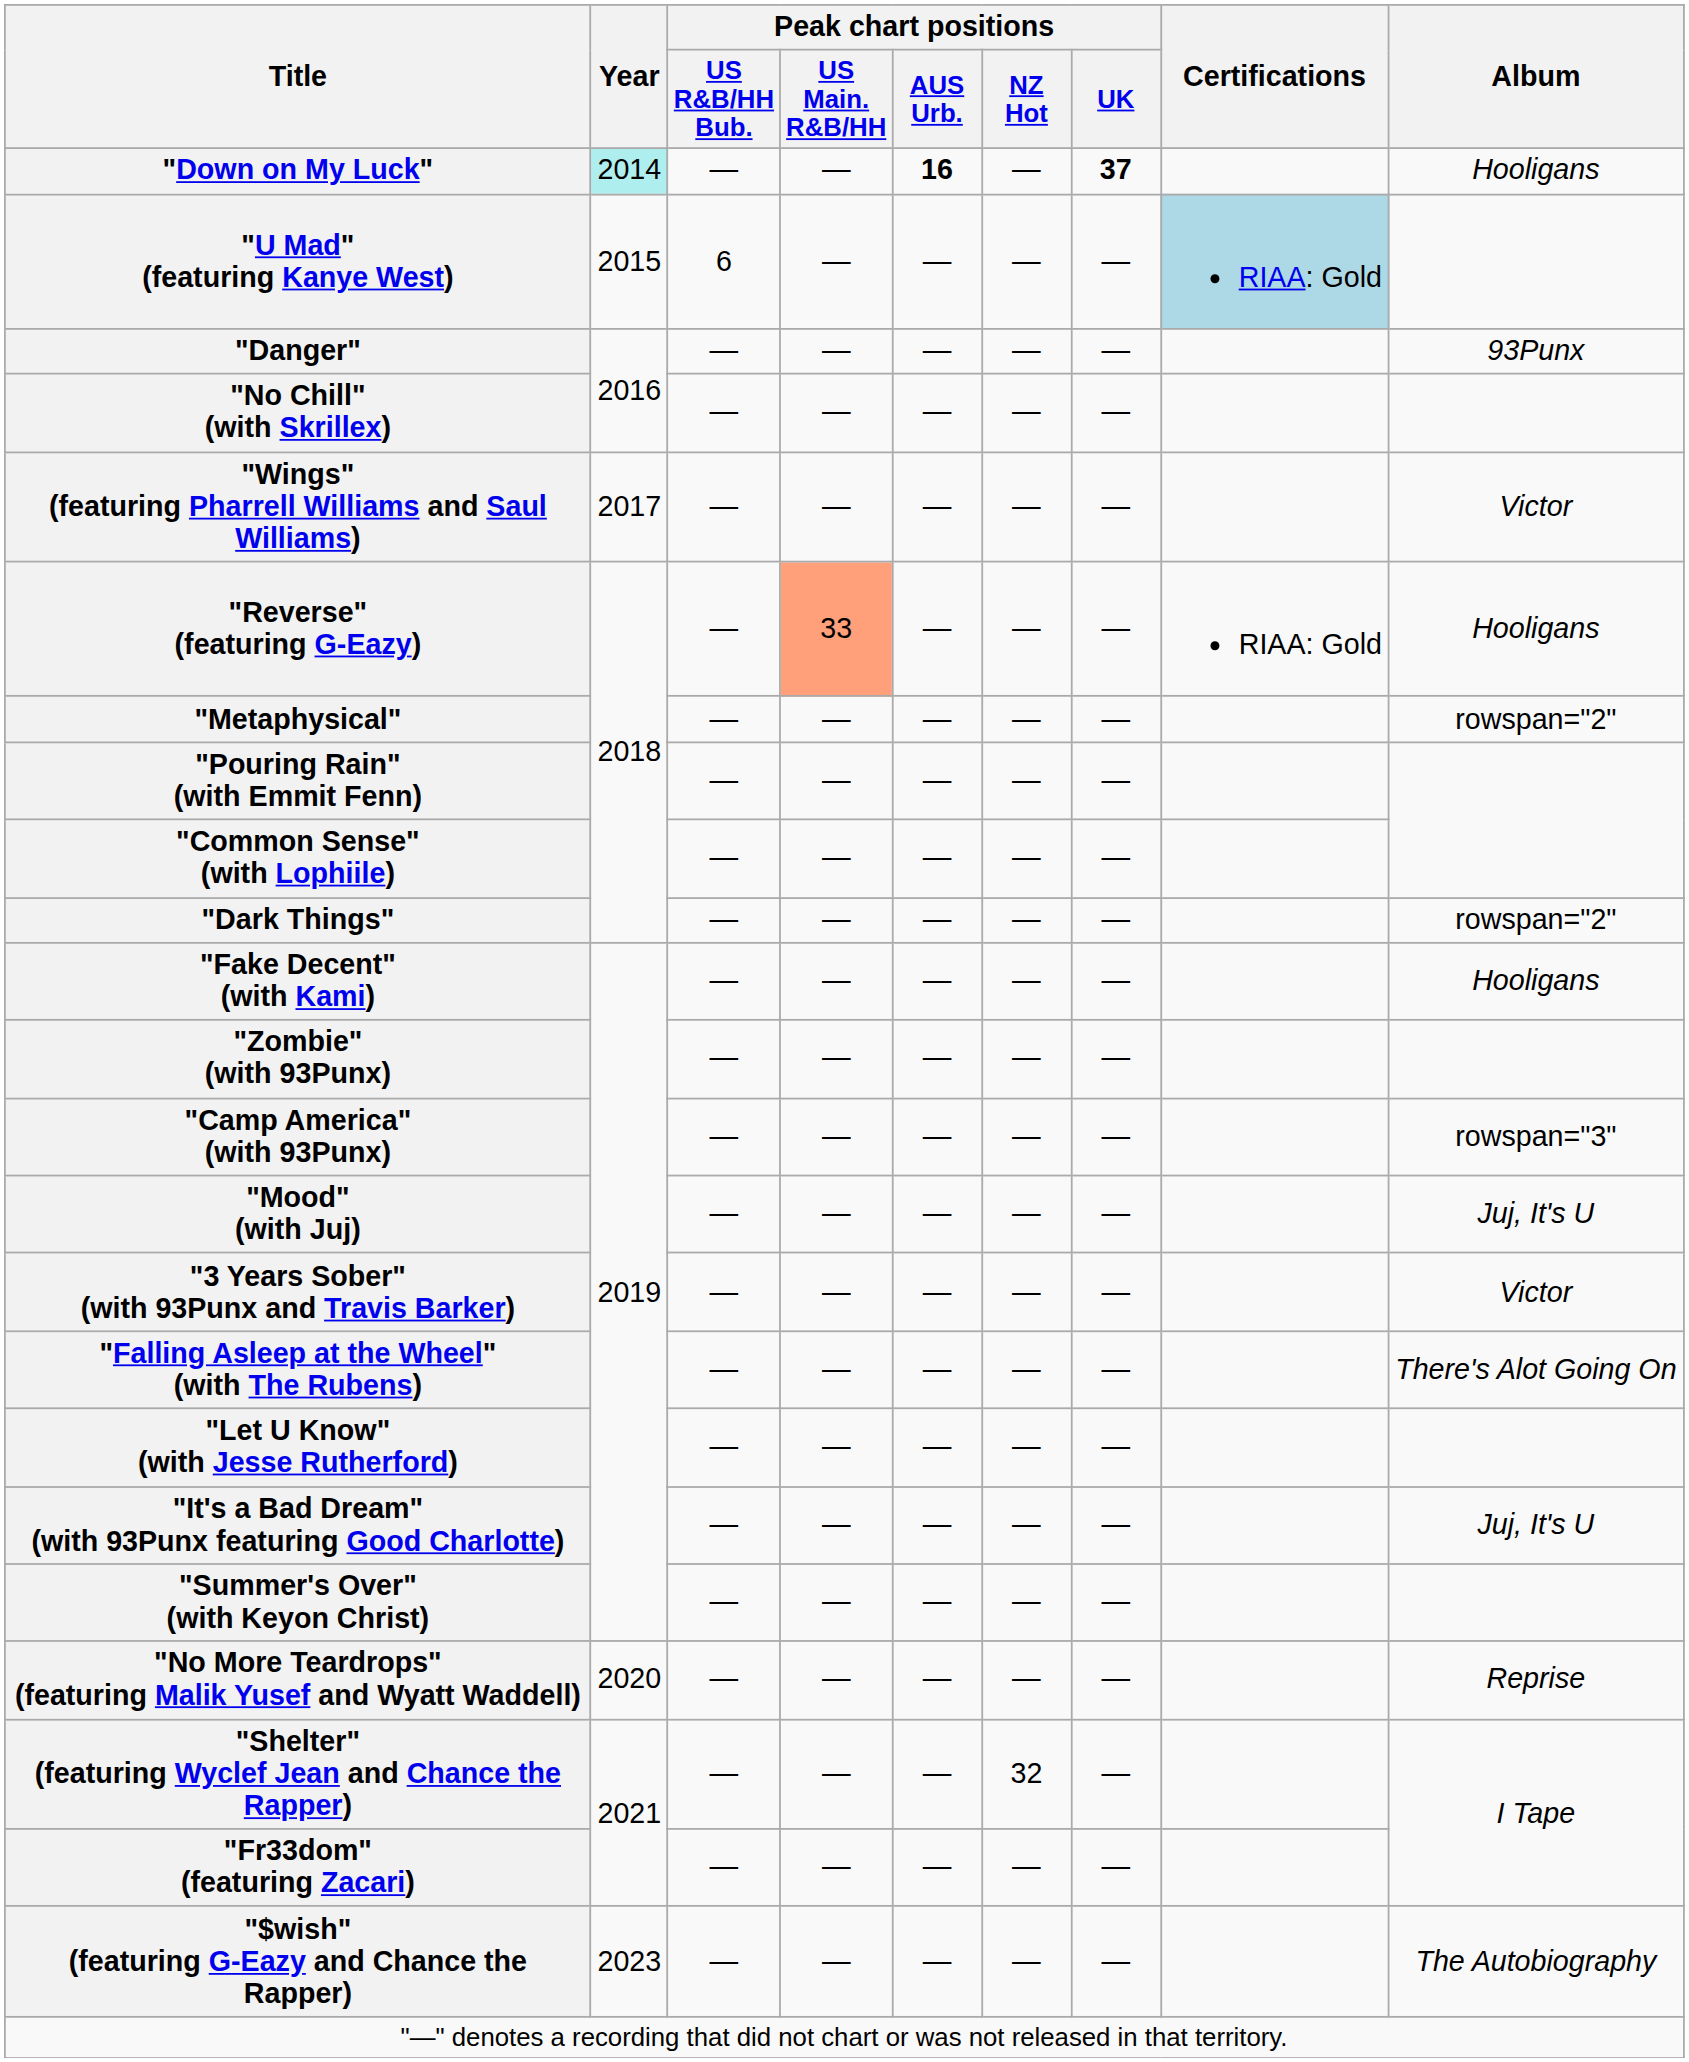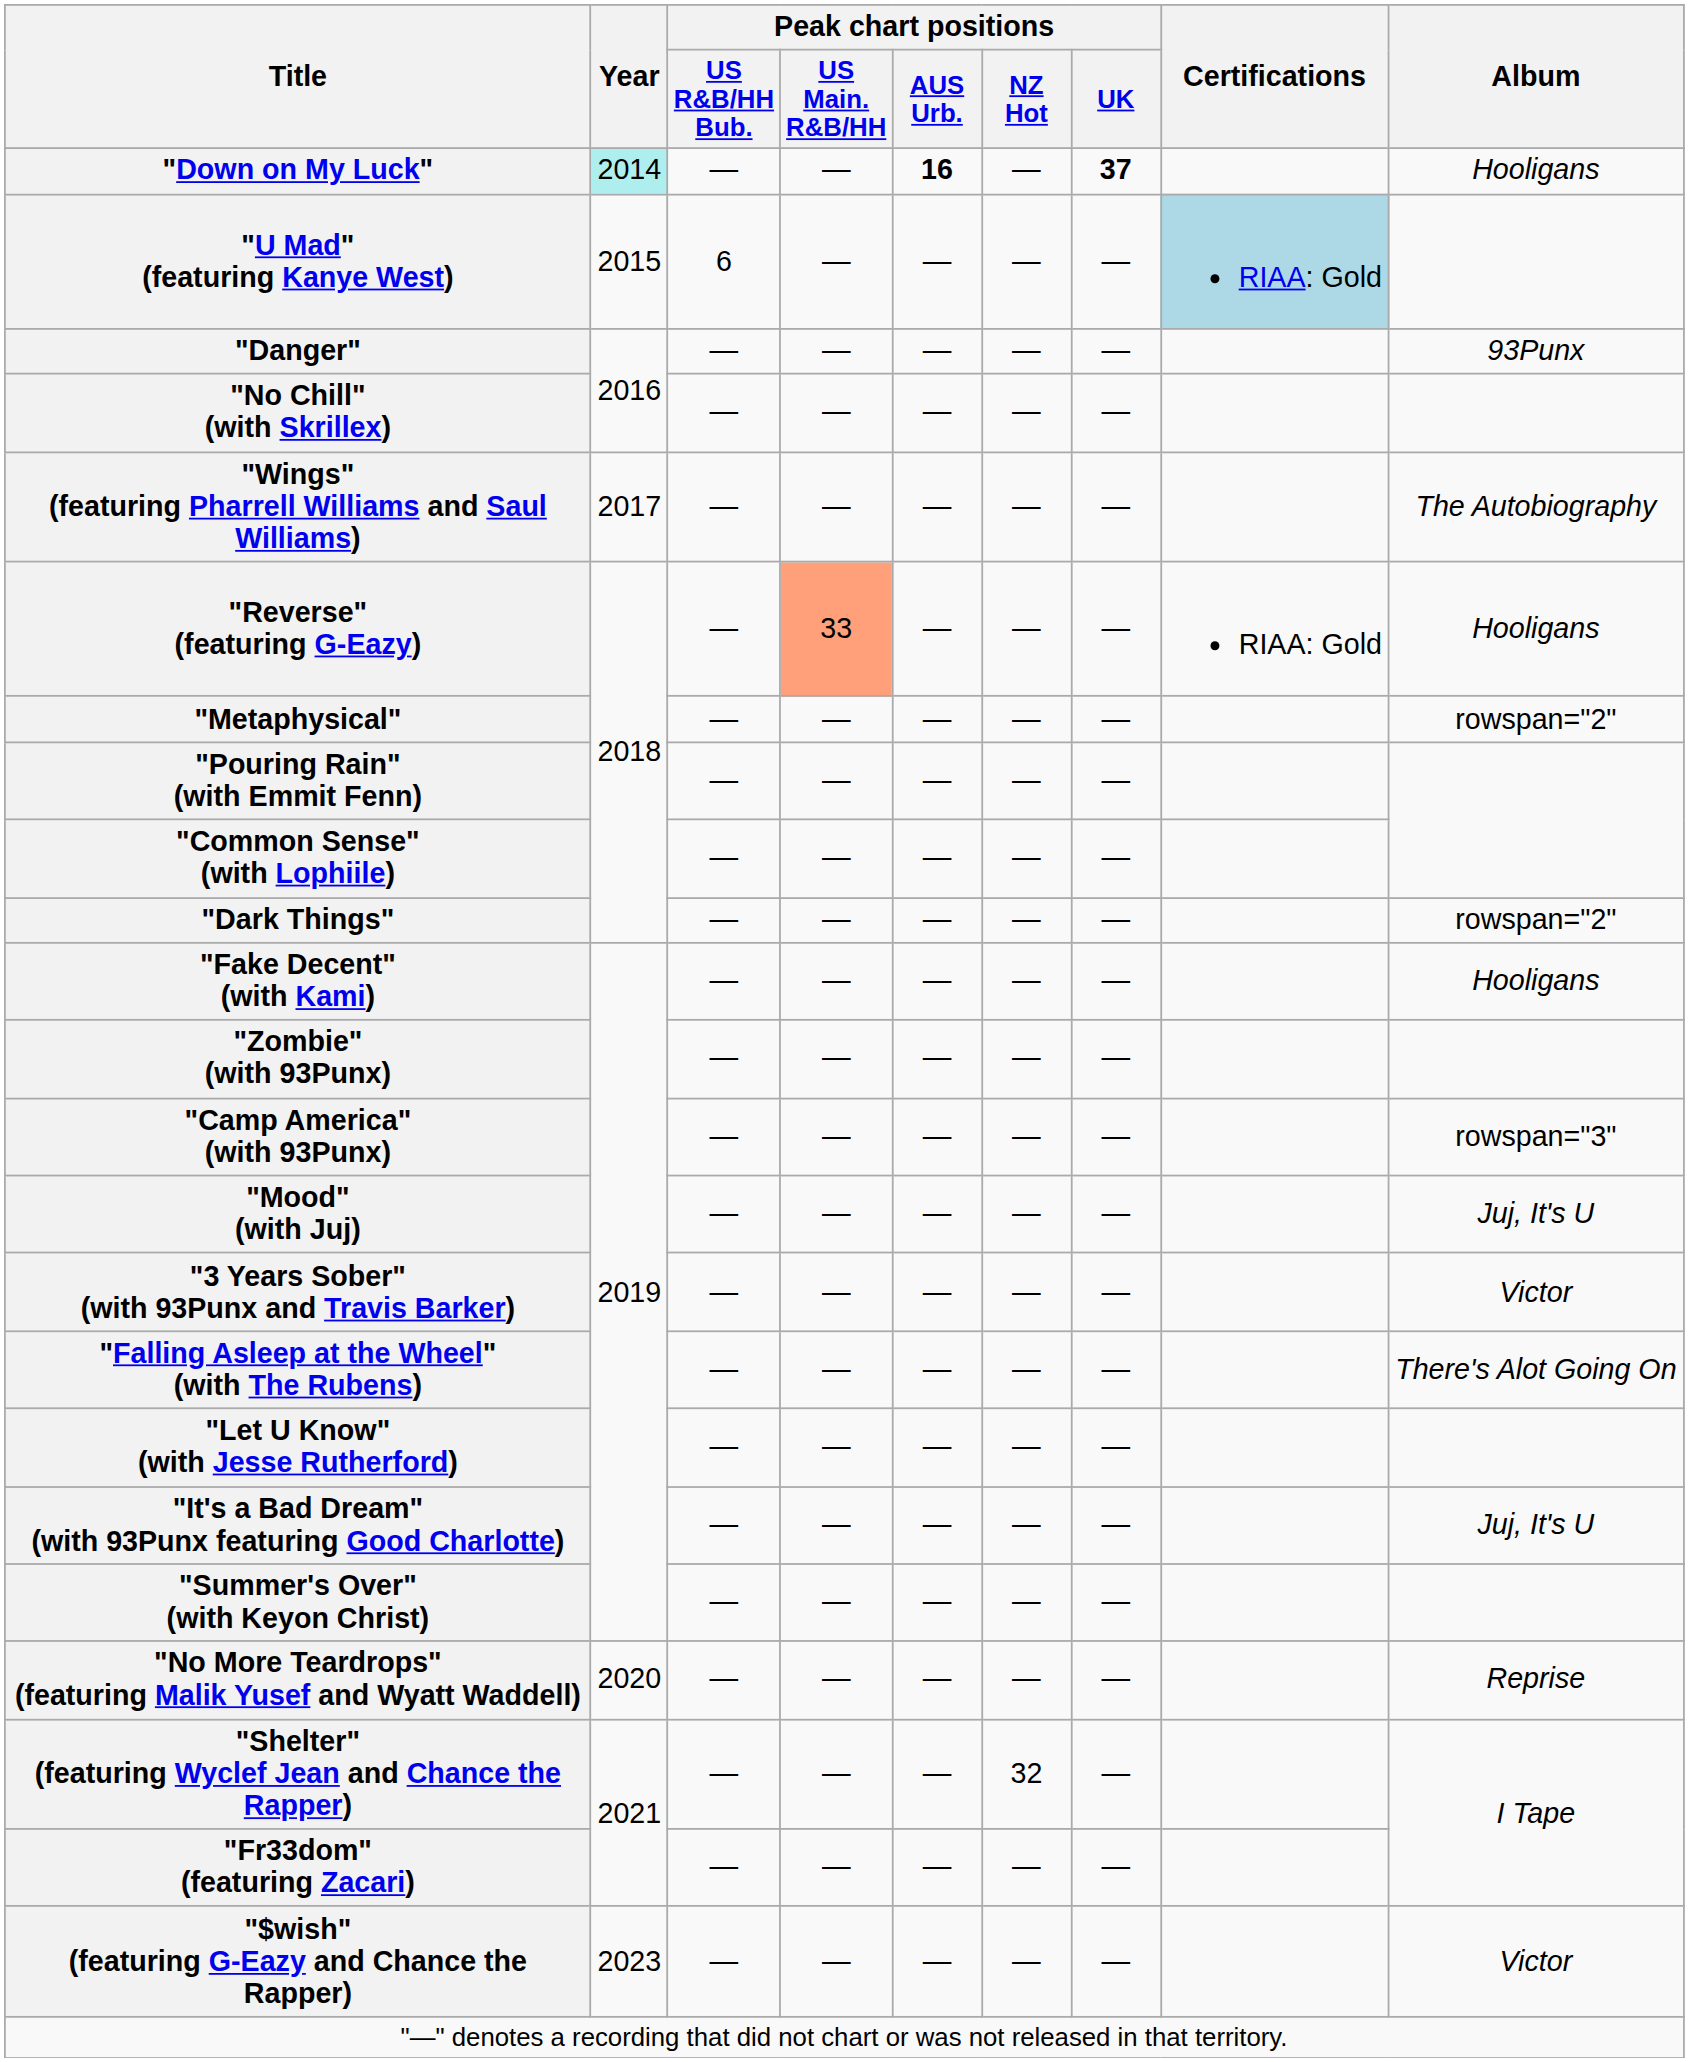 <table class="wikitable plainrowheaders" style="text-align:center;">
 <tr>
 <th scope="col" rowspan="2" style="width:20em;">Title</th>
 <th scope="col" rowspan="2" style="width:1em;">Year</th>
 <th scope="col" colspan="5">Peak chart positions</th>
 <th scope="col" rowspan="2">Certifications</th>
 <th scope="col" rowspan="2">Album</th>
 </tr>
 <tr>
 <th scope="col" style="width:3em;font-size:90%;"><a href='#'>US<br>R&B/HH<br>Bub.</a><br></th>
 <th scope="col" style="width:3em;font-size:90%;"><a href='#'>US<br>Main.<br>R&B/HH</a><br></th>
 <th scope="col" style="width:3em;font-size:90%;"><a href='#'>AUS Urb.</a><br></th>
 <th scope="col" style="width:3em;font-size:90%;"><a href='#'>NZ<br>Hot</a><br></th>
 <th scope="col" style="width:3em;font-size:90%;"><a href='#'>UK</a><br></th>
 </tr>
 <tr>
 <th scope="row">"<a href='#'>Down on My Luck</a>"</th>
 <td style="background: paleturquoise;">2014</td>
 <td>—</td>
 <td>—</td>
 <td><strong>16</strong></td>
 <td>—</td>
 <td><strong>37</strong></td>
 <td></td>
 <td><em>Hooligans</em></td>
 </tr>
 <tr>
 <th scope="row">"<a href='#'>U Mad</a>"<br><span>(featuring <a href='#'>Kanye West</a>)</span></th>
 <td>2015</td>
 <td>6</td>
 <td>—</td>
 <td>—</td>
 <td>—</td>
 <td>—</td>
 <td style="background: lightblue;"><br><ul><li><a href='#'>RIAA</a>: Gold</li></ul></td>
 </tr>
 <tr>
 <th scope="row">"Danger"</th>
 <td rowspan="2">2016</td>
 <td>—</td>
 <td>—</td>
 <td>—</td>
 <td>—</td>
 <td>—</td>
 <td></td>
 <td><em>93Punx</em></td>
 </tr>
 <tr>
 <th scope="row">"No Chill"<br><span>(with <a href='#'>Skrillex</a>)</span></th>
 <td>—</td>
 <td>—</td>
 <td>—</td>
 <td>—</td>
 <td>—</td>
 <td></td>
 <td></td>
 </tr>
 <tr>
 <th scope="row">"Wings"<br><span>(featuring <a href='#'>Pharrell Williams</a> and <a href='#'>Saul Williams</a>)</span></th>
 <td>2017</td>
 <td>—</td>
 <td>—</td>
 <td>—</td>
 <td>—</td>
 <td>—</td>
 <td></td>
-<td><em>Victor</em></td>
+<td><em>The Autobiography</em></td>
 </tr>
 <tr>
 <th scope="row">"Reverse"<br><span>(featuring <a href='#'>G-Eazy</a>)</span></th>
 <td rowspan="5">2018</td>
 <td>—</td>
 <td style="background: lightsalmon;">33</td>
 <td>—</td>
 <td>—</td>
 <td>—</td>
 <td><br><ul><li>RIAA: Gold</li></ul></td>
 <td><em>Hooligans</em></td>
 </tr>
 <tr>
 <th scope="row">"Metaphysical"</th>
 <td>—</td>
 <td>—</td>
 <td>—</td>
 <td>—</td>
 <td>—</td>
 <td></td>
 <td>rowspan="2" </td>
 </tr>
 <tr>
 <th scope="row">"Pouring Rain"<br><span>(with Emmit Fenn)</span></th>
 <td>—</td>
 <td>—</td>
 <td>—</td>
 <td>—</td>
 <td>—</td>
 <td></td>
 </tr>
 <tr>
 <th scope="row">"Common Sense"<br><span>(with <a href='#'>Lophiile</a>)</span></th>
 <td>—</td>
 <td>—</td>
 <td>—</td>
 <td>—</td>
 <td>—</td>
 <td></td>
 </tr>
 <tr>
 <th scope="row">"Dark Things"</th>
 <td>—</td>
 <td>—</td>
 <td>—</td>
 <td>—</td>
 <td>—</td>
 <td></td>
 <td>rowspan="2" </td>
 </tr>
 <tr>
 <th scope="row">"Fake Decent"<br><span>(with <a href='#'>Kami</a>)</span></th>
 <td rowspan="9">2019</td>
 <td>—</td>
 <td>—</td>
 <td>—</td>
 <td>—</td>
 <td>—</td>
 <td></td>
 <td><em>Hooligans</em></td>
 </tr>
 <tr>
 <th scope="row">"Zombie"<br><span>(with 93Punx)</span></th>
 <td>—</td>
 <td>—</td>
 <td>—</td>
 <td>—</td>
 <td>—</td>
 <td></td>
 </tr>
 <tr>
 <th scope="row">"Camp America"<br><span>(with 93Punx)</span></th>
 <td>—</td>
 <td>—</td>
 <td>—</td>
 <td>—</td>
 <td>—</td>
 <td></td>
 <td>rowspan="3" </td>
 </tr>
 <tr>
 <th scope="row">"Mood"<br><span>(with Juj)</span></th>
 <td>—</td>
 <td>—</td>
 <td>—</td>
 <td>—</td>
 <td>—</td>
 <td></td>
 <td><em>Juj, It's U</em></td>
 </tr>
 <tr>
 <th scope="row">"3 Years Sober"<br><span>(with 93Punx and <a href='#'>Travis Barker</a>)</span></th>
 <td>—</td>
 <td>—</td>
 <td>—</td>
 <td>—</td>
 <td>—</td>
 <td></td>
 <td><em>Victor</em></td>
 </tr>
 <tr>
 <th scope="row">"<a href='#'>Falling Asleep at the Wheel</a>"<br><span>(with <a href='#'>The Rubens</a>)</span></th>
 <td>—</td>
 <td>—</td>
 <td>—</td>
 <td>—</td>
 <td>—</td>
 <td></td>
 <td><em>There's Alot Going On</em></td>
 </tr>
 <tr>
 <th scope="row">"Let U Know"<br><span>(with <a href='#'>Jesse Rutherford</a>)</span></th>
 <td>—</td>
 <td>—</td>
 <td>—</td>
 <td>—</td>
 <td>—</td>
 <td></td>
 </tr>
 <tr>
 <th scope="row">"It's a Bad Dream"<br><span>(with 93Punx featuring <a href='#'>Good Charlotte</a>)</span></th>
 <td>—</td>
 <td>—</td>
 <td>—</td>
 <td>—</td>
 <td>—</td>
 <td></td>
 <td><em>Juj, It's U</em></td>
 </tr>
 <tr>
 <th scope="row">"Summer's Over"<br><span>(with Keyon Christ)</span></th>
 <td>—</td>
 <td>—</td>
 <td>—</td>
 <td>—</td>
 <td>—</td>
 <td></td>
 <td></td>
 </tr>
 <tr>
 <th scope="row">"No More Teardrops"<br><span>(featuring <a href='#'>Malik Yusef</a> and Wyatt Waddell)</span></th>
 <td>2020</td>
 <td>—</td>
 <td>—</td>
 <td>—</td>
 <td>—</td>
 <td>—</td>
 <td></td>
 <td><em>Reprise</em></td>
 </tr>
 <tr>
 <th scope="row">"Shelter"<br><span>(featuring <a href='#'>Wyclef Jean</a> and <a href='#'>Chance the Rapper</a>)</span></th>
 <td rowspan="2">2021</td>
 <td>—</td>
 <td>—</td>
 <td>—</td>
 <td>32</td>
 <td>—</td>
 <td></td>
 <td rowspan="2"><em>I Tape</em></td>
 </tr>
 <tr>
 <th scope="row">"Fr33dom"<br><span>(featuring <a href='#'>Zacari</a>)</span></th>
 <td>—</td>
 <td>—</td>
 <td>—</td>
 <td>—</td>
 <td>—</td>
 <td></td>
 </tr>
 <tr>
 <th scope="row">"$wish"<br><span>(featuring <a href='#'>G-Eazy</a> and Chance the Rapper)</span></th>
 <td>2023</td>
 <td>—</td>
 <td>—</td>
 <td>—</td>
 <td>—</td>
 <td>—</td>
 <td></td>
-<td><em>The Autobiography</em></td>
+<td><em>Victor</em></td>
 </tr>
 <tr>
 <td colspan="9" style="font-size:90%">"—" denotes a recording that did not chart or was not released in that territory.</td>
 </tr>
 </table>
